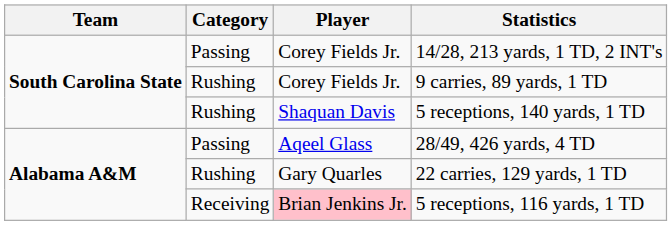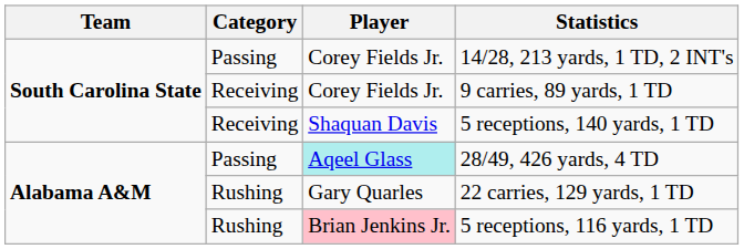 <table class="wikitable" style="float: left;">
 <tr>
 <th>Team</th>
 <th>Category</th>
 <th>Player</th>
 <th>Statistics</th>
 </tr>
 <tr>
 <td rowspan=3><strong>South Carolina State</strong></td>
 <td>Passing</td>
 <td>Corey Fields Jr.</td>
 <td>14/28, 213 yards, 1 TD, 2 INT's</td>
 </tr>
 <tr>
-<td>Rushing</td>
+<td>Receiving</td>
 <td>Corey Fields Jr.</td>
 <td>9 carries, 89 yards, 1 TD</td>
 </tr>
 <tr>
-<td>Rushing</td>
+<td>Receiving</td>
 <td><a href='#'>Shaquan Davis</a></td>
 <td>5 receptions, 140 yards, 1 TD</td>
 </tr>
 <tr>
 <td rowspan=3><strong>Alabama A&M</strong></td>
 <td>Passing</td>
-<td><a href='#'>Aqeel Glass</a></td>
+<td style="background: paleturquoise;"><a href='#'>Aqeel Glass</a></td>
 <td>28/49, 426 yards, 4 TD</td>
 </tr>
 <tr>
 <td>Rushing</td>
 <td>Gary Quarles</td>
 <td>22 carries, 129 yards, 1 TD</td>
 </tr>
 <tr>
-<td>Receiving</td>
+<td>Rushing</td>
 <td style="background: pink;">Brian Jenkins Jr.</td>
 <td>5 receptions, 116 yards, 1 TD</td>
 </tr>
 </table>
